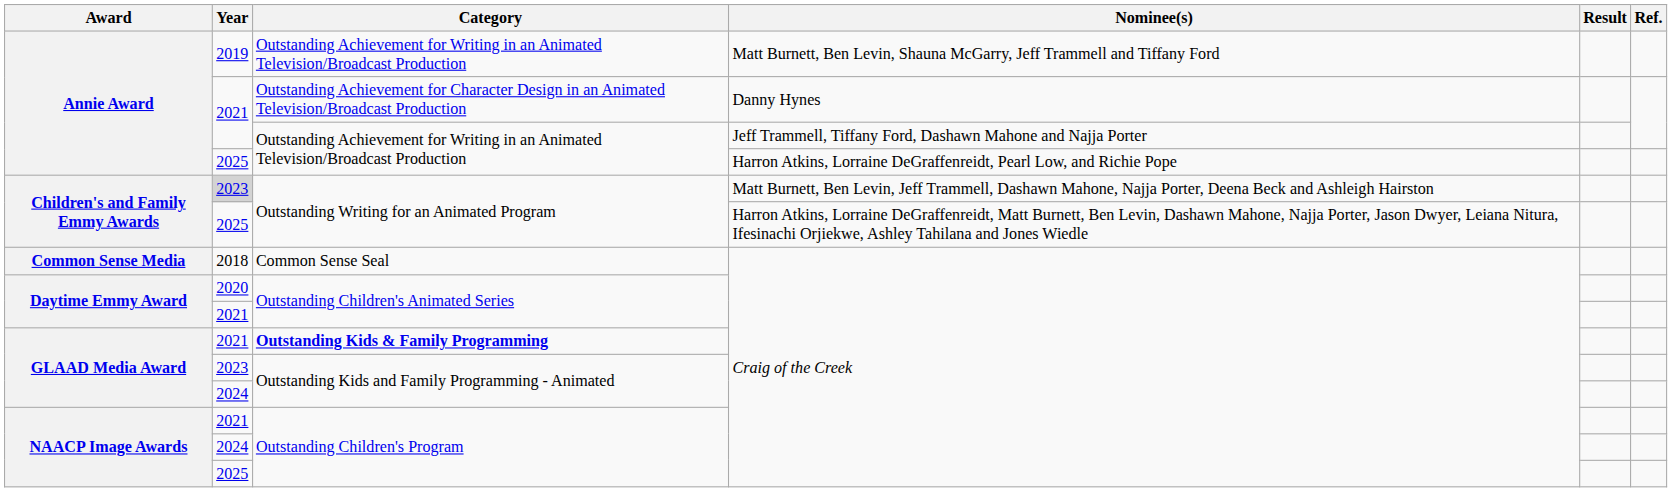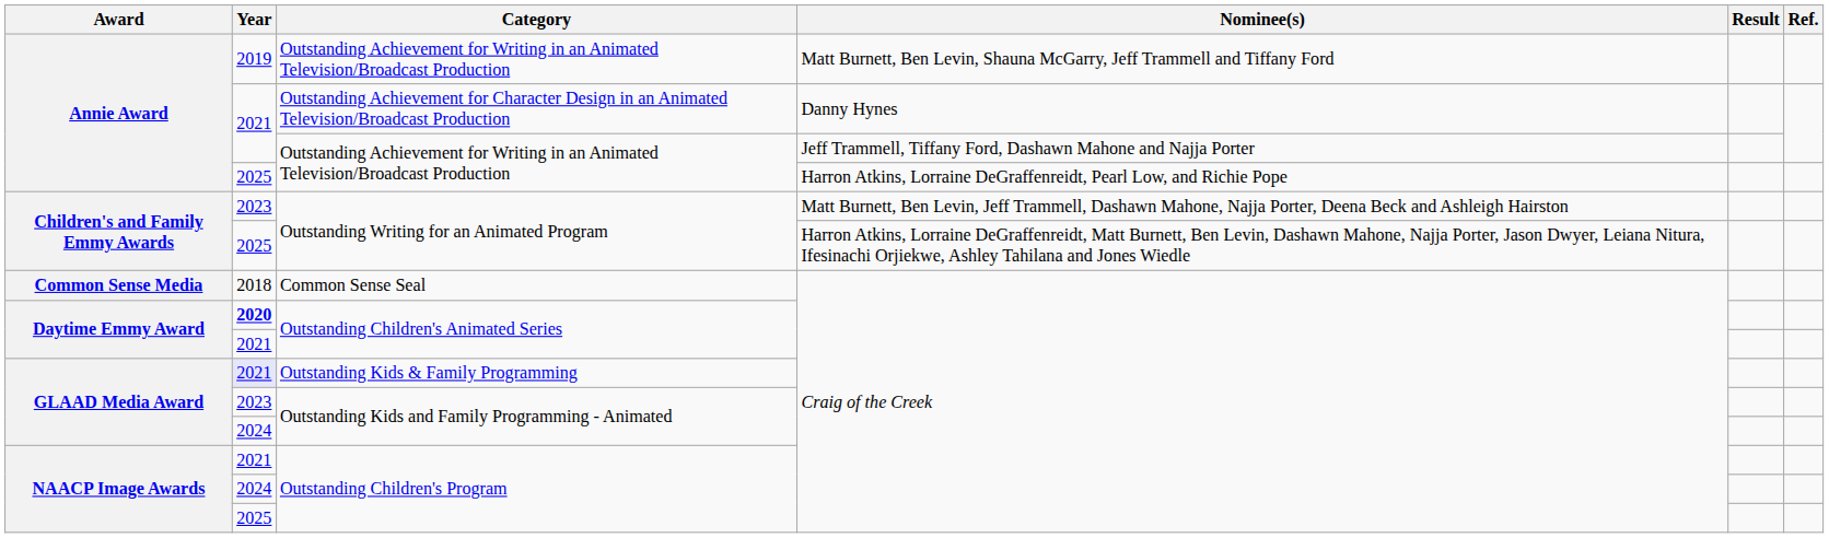 <table class="wikitable plainrowheaders" style="font-size: 95%;">
 <tr>
 <th>Award</th>
 <th>Year</th>
 <th>Category</th>
 <th>Nominee(s)</th>
 <th>Result</th>
 <th>Ref.</th>
 </tr>
 <tr>
 <th rowspan="4" scope="row"><a href='#'>Annie Award</a></th>
 <td><a href='#'>2019</a></td>
 <td><a href='#'>Outstanding Achievement for Writing in an Animated Television/Broadcast Production</a></td>
 <td>Matt Burnett, Ben Levin, Shauna McGarry, Jeff Trammell and Tiffany Ford </td>
 <td></td>
 <td align="center"></td>
 </tr>
 <tr>
 <td rowspan="2"><a href='#'>2021</a></td>
 <td><a href='#'>Outstanding Achievement for Character Design in an Animated Television/Broadcast Production</a></td>
 <td>Danny Hynes</td>
 <td></td>
 <td align="center" rowspan="2"></td>
 </tr>
 <tr>
 <td rowspan="2">Outstanding Achievement for Writing in an Animated Television/Broadcast Production</td>
 <td>Jeff Trammell, Tiffany Ford, Dashawn Mahone and Najja Porter</td>
 <td></td>
 </tr>
 <tr>
 <td><a href='#'>2025</a></td>
 <td>Harron Atkins, Lorraine DeGraffenreidt, Pearl Low, and Richie Pope </td>
 <td></td>
 <td align="center"></td>
 </tr>
 <tr>
 <th rowspan="2" scope="row"><a href='#'>Children's and Family Emmy Awards</a></th>
-<td style="background: lightgrey;"><a href='#'>2023</a></td>
+<td><a href='#'>2023</a></td>
 <td rowspan="2">Outstanding Writing for an Animated Program</td>
 <td>Matt Burnett, Ben Levin, Jeff Trammell, Dashawn Mahone, Najja Porter, Deena Beck and Ashleigh Hairston</td>
 <td></td>
 <td align="center"></td>
 </tr>
 <tr>
 <td><a href='#'>2025</a></td>
 <td>Harron Atkins, Lorraine DeGraffenreidt, Matt Burnett, Ben Levin, Dashawn Mahone, Najja Porter, Jason Dwyer, Leiana Nitura, Ifesinachi Orjiekwe, Ashley Tahilana and Jones Wiedle </td>
 <td></td>
 <td align="center"></td>
 </tr>
 <tr>
 <th scope="row"><a href='#'>Common Sense Media</a></th>
 <td>2018</td>
 <td>Common Sense Seal</td>
 <td rowspan="9"><em>Craig of the Creek</em></td>
 <td></td>
 <td align="center"></td>
 </tr>
 <tr>
 <th scope="row" rowspan="2"><a href='#'>Daytime Emmy Award</a></th>
-<td><a href='#'>2020</a></td>
+<td><strong><a href='#'>2020</a></strong></td>
 <td rowspan="2"><a href='#'>Outstanding Children's Animated Series</a></td>
 <td></td>
 <td align="center"></td>
 </tr>
 <tr>
 <td><a href='#'>2021</a></td>
 <td></td>
 <td align="center"></td>
 </tr>
 <tr>
 <th scope="row" rowspan="3"><a href='#'>GLAAD Media Award</a></th>
-<td><a href='#'>2021</a></td>
-<td><strong><a href='#'>Outstanding Kids & Family Programming</a></strong></td>
+<td style="background: lavender;"><a href='#'>2021</a></td>
+<td><a href='#'>Outstanding Kids & Family Programming</a></td>
 <td></td>
 <td align="center"></td>
 </tr>
 <tr>
 <td><a href='#'>2023</a></td>
 <td rowspan="2">Outstanding Kids and Family Programming - Animated</td>
 <td></td>
 <td align="center"></td>
 </tr>
 <tr>
 <td><a href='#'>2024</a></td>
 <td></td>
 <td align="center"></td>
 </tr>
 <tr>
 <th scope="row" rowspan="3"><a href='#'>NAACP Image Awards</a></th>
 <td><a href='#'>2021</a></td>
 <td rowspan="3"><a href='#'>Outstanding Children's Program</a></td>
 <td></td>
 <td align="center"></td>
 </tr>
 <tr>
 <td><a href='#'>2024</a></td>
 <td></td>
 <td align="center"></td>
 </tr>
 <tr>
 <td><a href='#'>2025</a></td>
 <td></td>
 <td align="center"></td>
 </tr>
 </table>
